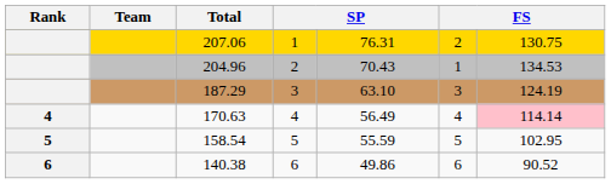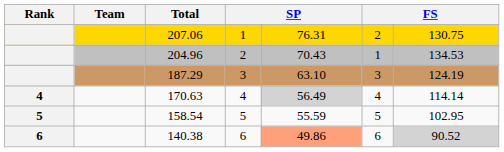 <table class="wikitable sortable" style="text-align:center; width:70%">
 <tr>
 <th scope="col">Rank</th>
 <th scope="col">Team</th>
 <th scope="col">Total</th>
 <th scope="col" colspan="2" width="80px"><a href='#'>SP</a></th>
 <th scope="col" colspan="2" width="80px"><a href='#'>FS</a></th>
 </tr>
 <tr bgcolor="gold">
 <th scope="row"></th>
 <td align="left"></td>
 <td>207.06</td>
 <td>1</td>
 <td>76.31</td>
 <td>2</td>
 <td>130.75</td>
 </tr>
 <tr bgcolor="silver">
 <th scope="row"></th>
 <td align="left"></td>
 <td>204.96</td>
 <td>2</td>
 <td>70.43</td>
 <td>1</td>
 <td>134.53</td>
 </tr>
 <tr bgcolor="cc9966">
 <th scope="row"></th>
 <td align="left"></td>
 <td>187.29</td>
 <td>3</td>
 <td>63.10</td>
 <td>3</td>
 <td>124.19</td>
 </tr>
 <tr>
 <th scope="row">4</th>
 <td align="left"></td>
 <td>170.63</td>
 <td>4</td>
-<td>56.49</td>
+<td style="background: lightgrey;">56.49</td>
 <td>4</td>
-<td style="background: pink;">114.14</td>
+<td>114.14</td>
 </tr>
 <tr>
 <th scope="row">5</th>
 <td align="left"></td>
 <td>158.54</td>
 <td>5</td>
 <td>55.59</td>
 <td>5</td>
 <td>102.95</td>
 </tr>
 <tr>
 <th scope="row">6</th>
 <td align="left"></td>
 <td>140.38</td>
 <td>6</td>
-<td>49.86</td>
+<td style="background: lightsalmon;">49.86</td>
 <td>6</td>
-<td>90.52</td>
+<td style="background: lightgrey;">90.52</td>
 </tr>
 </table>
